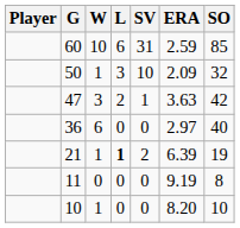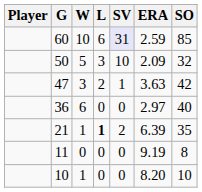 <table class="wikitable sortable">
 <tr>
 <th>Player</th>
 <th>G</th>
 <th>W</th>
 <th>L</th>
 <th>SV</th>
 <th>ERA</th>
 <th>SO</th>
 </tr>
 <tr align="center">
 <td></td>
 <td>60</td>
 <td>10</td>
 <td>6</td>
-<td>31</td>
+<td style="background: lavender;">31</td>
 <td>2.59</td>
 <td>85</td>
 </tr>
 <tr align="center">
 <td></td>
 <td>50</td>
-<td>1</td>
+<td>5</td>
 <td>3</td>
 <td>10</td>
 <td>2.09</td>
 <td>32</td>
 </tr>
 <tr align="center">
 <td></td>
 <td>47</td>
 <td>3</td>
 <td>2</td>
 <td>1</td>
 <td>3.63</td>
 <td>42</td>
 </tr>
 <tr align="center">
 <td></td>
 <td>36</td>
 <td>6</td>
 <td>0</td>
 <td>0</td>
 <td>2.97</td>
 <td>40</td>
 </tr>
 <tr align="center">
 <td></td>
 <td>21</td>
 <td>1</td>
 <td><strong>1</strong></td>
 <td>2</td>
 <td>6.39</td>
-<td>19</td>
+<td>35</td>
 </tr>
 <tr align="center">
 <td></td>
 <td>11</td>
 <td>0</td>
 <td>0</td>
 <td>0</td>
 <td>9.19</td>
 <td>8</td>
 </tr>
 <tr align="center">
 <td></td>
 <td>10</td>
 <td>1</td>
 <td>0</td>
 <td>0</td>
 <td>8.20</td>
 <td>10</td>
 </tr>
 </table>
